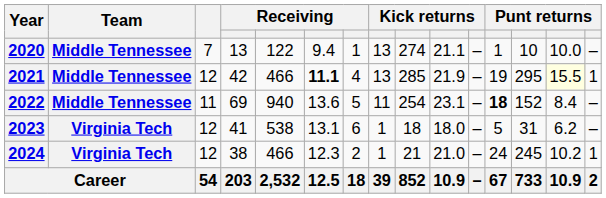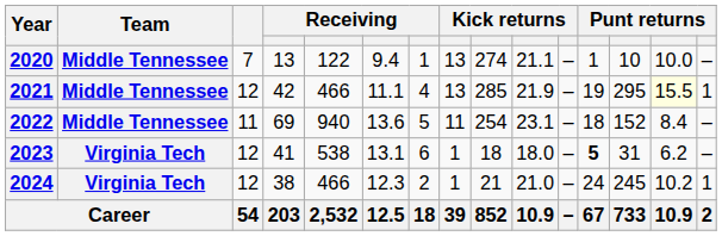 <table class="wikitable" style="text-align:center;">
 <tr>
 <th rowspan="2">Year</th>
 <th rowspan="2">Team</th>
 <th rowspan="2"></th>
 <th colspan="4">Receiving</th>
 <th colspan="4">Kick returns</th>
 <th colspan="4">Punt returns</th>
 </tr>
 <tr>
 <th></th>
 <th></th>
 <th></th>
 <th></th>
 <th></th>
 <th></th>
 <th></th>
 <th></th>
 <th></th>
 <th></th>
 <th></th>
 <th></th>
 </tr>
 <tr>
 <th><a href='#'>2020</a></th>
 <th><a href='#'>Middle Tennessee</a></th>
 <td>7</td>
 <td>13</td>
 <td>122</td>
 <td>9.4</td>
 <td>1</td>
 <td>13</td>
 <td>274</td>
 <td>21.1</td>
 <td>–</td>
 <td>1</td>
 <td>10</td>
 <td>10.0</td>
 <td>–</td>
 </tr>
 <tr>
 <th><a href='#'>2021</a></th>
 <th><a href='#'>Middle Tennessee</a></th>
 <td>12</td>
 <td>42</td>
 <td>466</td>
-<td><strong>11.1</strong></td>
+<td>11.1</td>
 <td>4</td>
 <td>13</td>
 <td>285</td>
 <td>21.9</td>
 <td>–</td>
 <td>19</td>
 <td>295</td>
 <td style="background: lightyellow;">15.5</td>
 <td>1</td>
 </tr>
 <tr>
 <th><a href='#'>2022</a></th>
 <th><a href='#'>Middle Tennessee</a></th>
 <td>11</td>
 <td>69</td>
 <td>940</td>
 <td>13.6</td>
 <td>5</td>
 <td>11</td>
 <td>254</td>
 <td>23.1</td>
 <td>–</td>
-<td><strong>18</strong></td>
+<td>18</td>
 <td>152</td>
 <td>8.4</td>
 <td>–</td>
 </tr>
 <tr>
 <th><a href='#'>2023</a></th>
 <th><a href='#'>Virginia Tech</a></th>
 <td>12</td>
 <td>41</td>
 <td>538</td>
 <td>13.1</td>
 <td>6</td>
 <td>1</td>
 <td>18</td>
 <td>18.0</td>
 <td>–</td>
-<td>5</td>
+<td><strong>5</strong></td>
 <td>31</td>
 <td>6.2</td>
 <td>–</td>
 </tr>
 <tr>
 <th><a href='#'>2024</a></th>
 <th><a href='#'>Virginia Tech</a></th>
 <td>12</td>
 <td>38</td>
 <td>466</td>
 <td>12.3</td>
 <td>2</td>
 <td>1</td>
 <td>21</td>
 <td>21.0</td>
 <td>–</td>
 <td>24</td>
 <td>245</td>
 <td>10.2</td>
 <td>1</td>
 </tr>
 <tr>
 <th colspan="2">Career</th>
 <th>54</th>
 <th>203</th>
 <th>2,532</th>
 <th>12.5</th>
 <th>18</th>
 <th>39</th>
 <th>852</th>
 <th>10.9</th>
 <th>–</th>
 <th>67</th>
 <th>733</th>
 <th>10.9</th>
 <th>2</th>
 </tr>
 </table>
